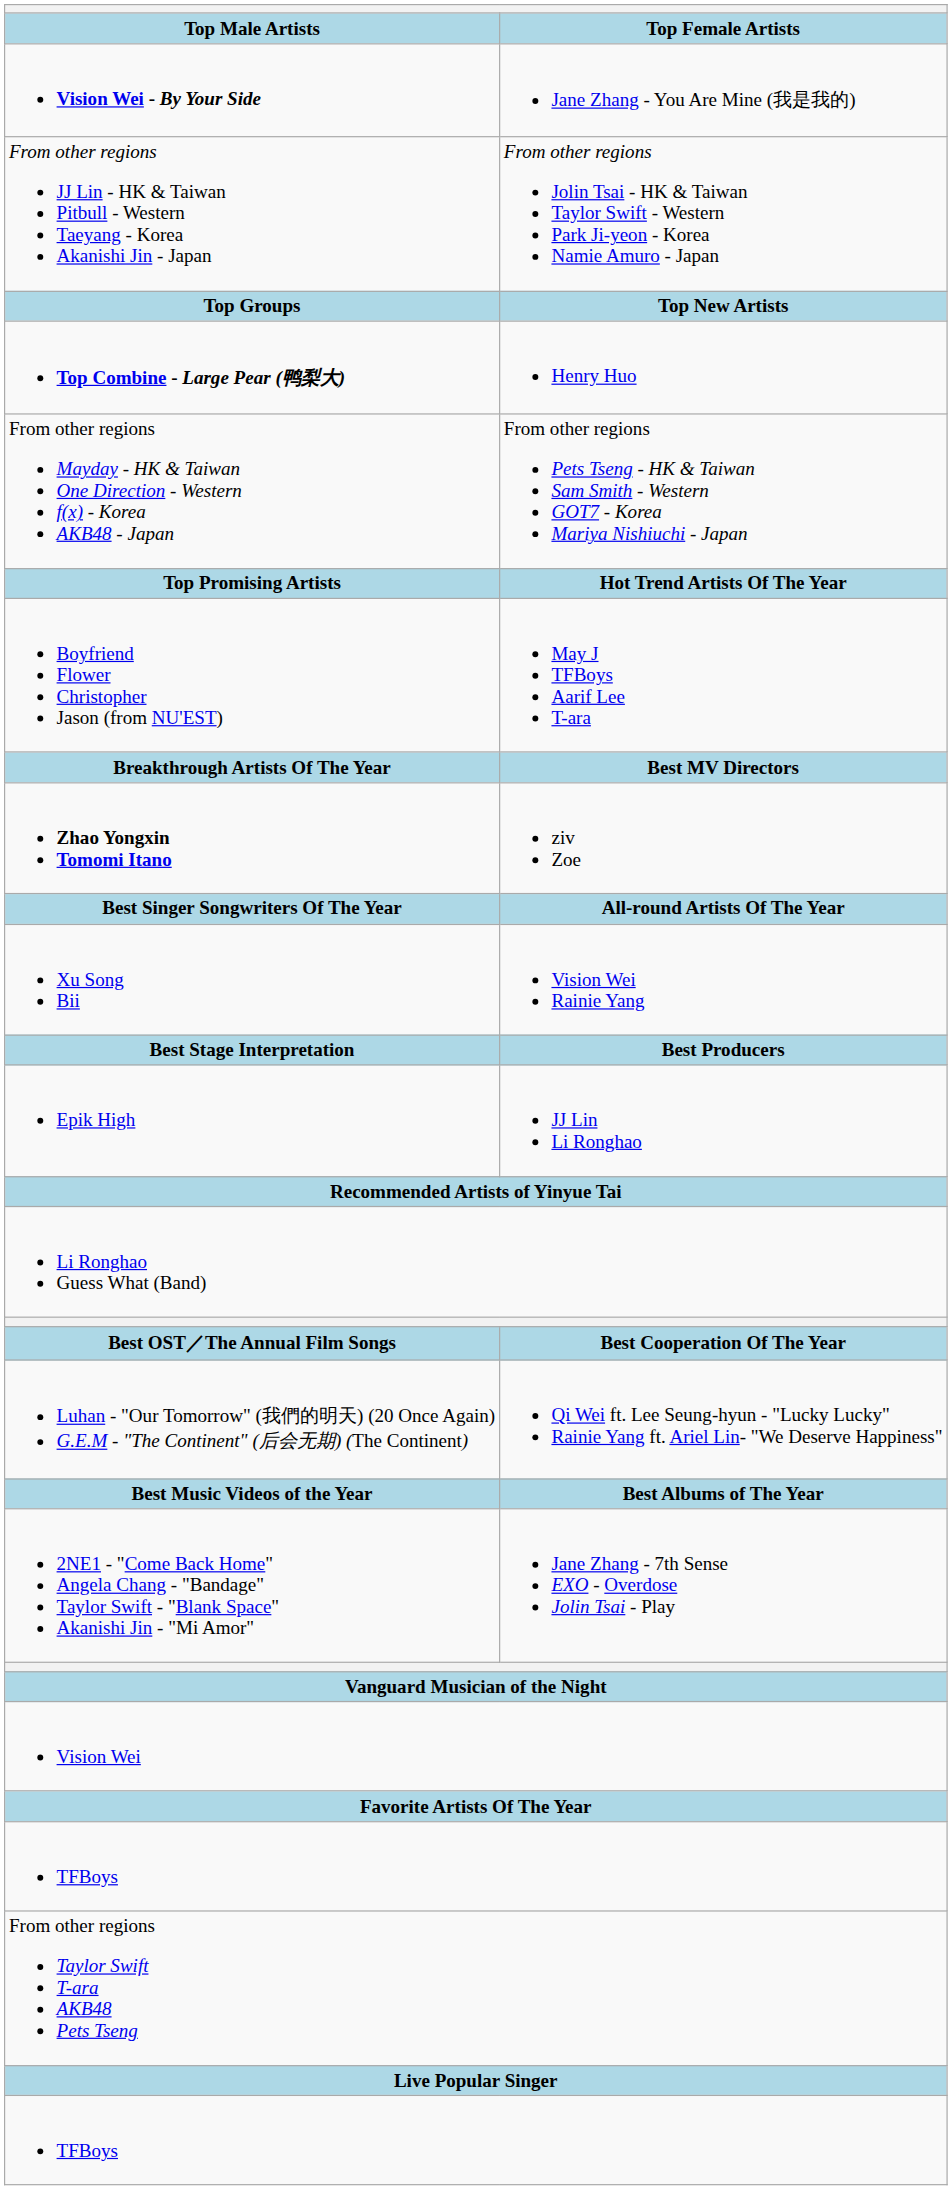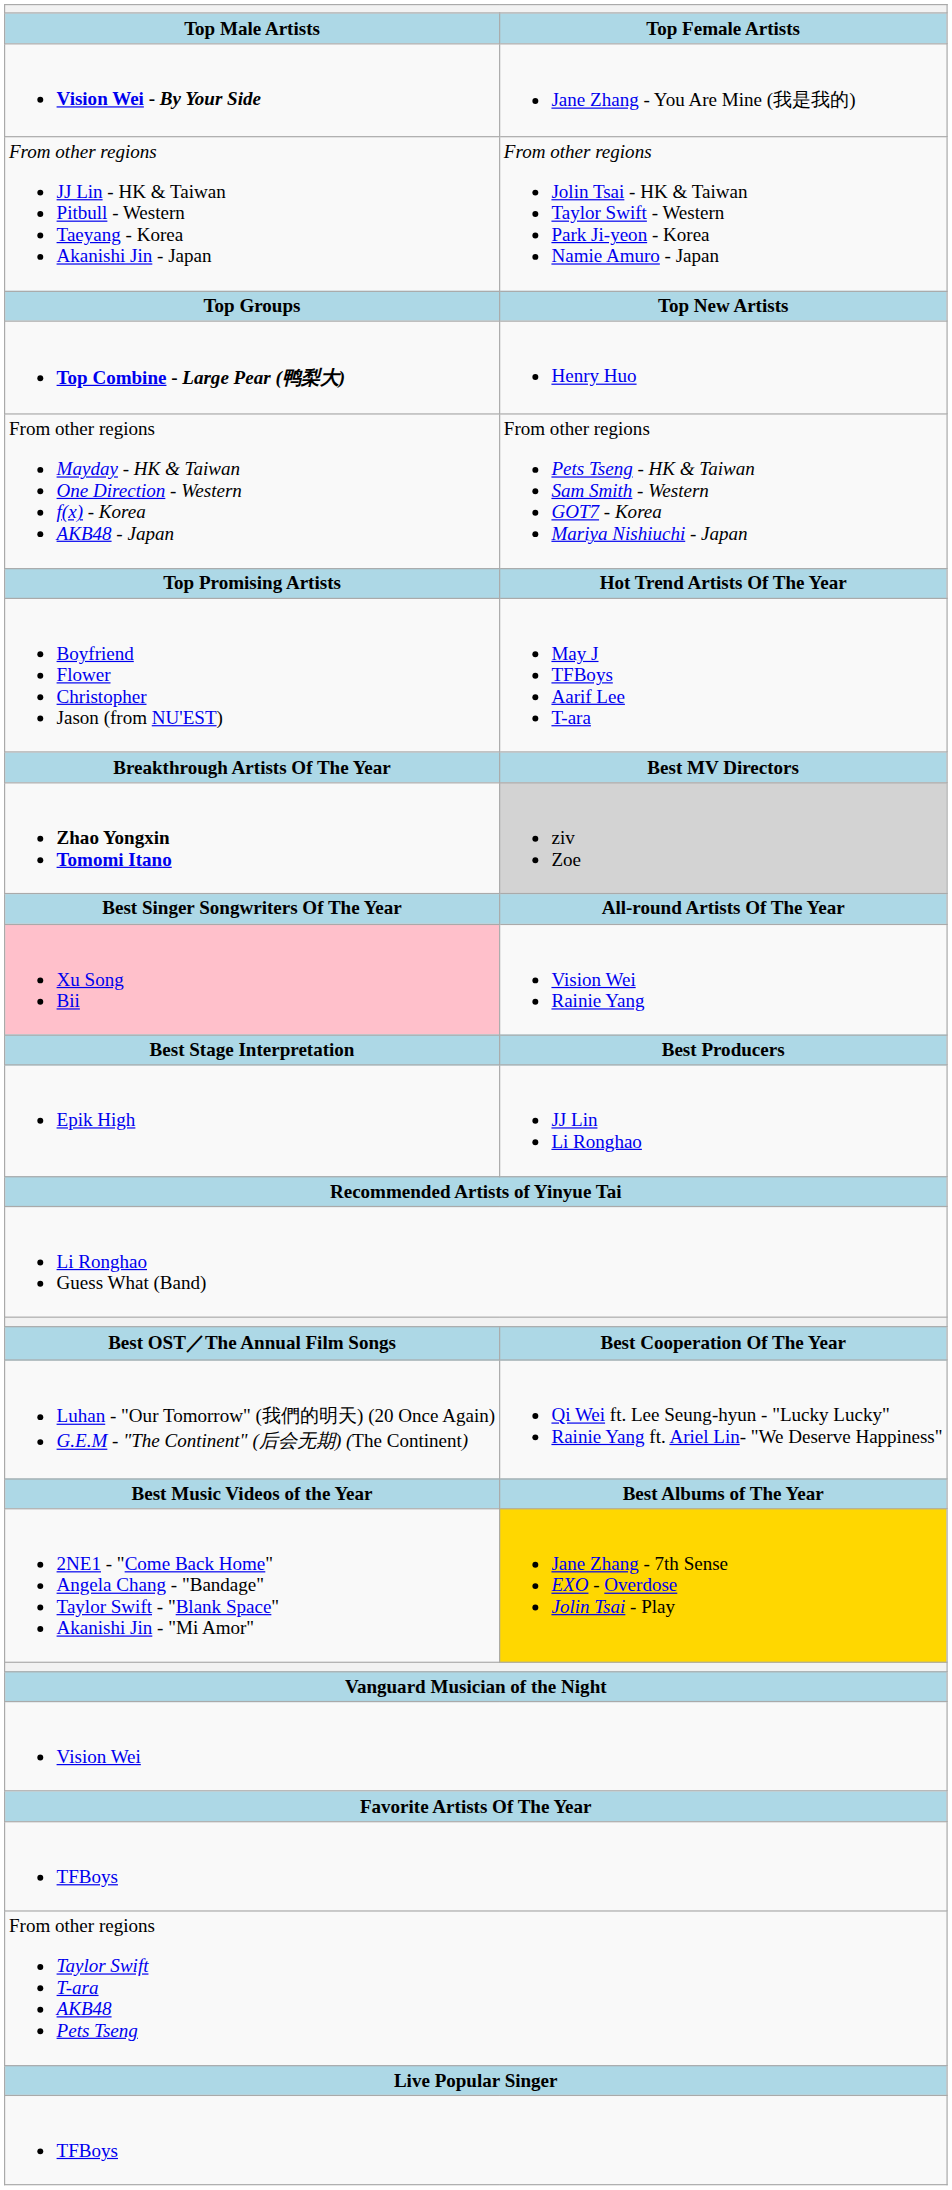 <table class="wikitable" style="width=">
 <tr>
 <th colspan="2"></th>
 </tr>
 <tr>
 <th style="background:lightblue;">Top Male Artists</th>
 <th style="background:lightblue;">Top Female Artists</th>
 </tr>
 <tr>
 <td valign="top"><br><ul><li><strong><a href='#'>Vision Wei</a> - <em>By Your Side<strong><em></li></ul></td>
 <td valign="top"><br><ul><li></strong><a href='#'>Jane Zhang</a> - </em>You Are Mine (我是我的)</em></strong></li></ul></td>
 </tr>
 <tr>
 <td><em>From other regions</em><br><ul><li><a href='#'>JJ Lin</a> - HK & Taiwan</li><li><a href='#'>Pitbull</a> - Western</li><li><a href='#'>Taeyang</a> - Korea</li><li><a href='#'>Akanishi Jin</a> - Japan</li></ul></td>
 <td><em>From other regions</em><br><ul><li><a href='#'>Jolin Tsai</a> - HK & Taiwan</li><li><a href='#'>Taylor Swift</a> - Western</li><li><a href='#'>Park Ji-yeon</a> - Korea</li><li><a href='#'>Namie Amuro</a> - Japan</li></ul></td>
 </tr>
 <tr>
 <th style="background:lightblue;">Top Groups</th>
 <th style="background:lightblue;">Top New Artists</th>
 </tr>
 <tr>
 <td valign="top"><br><ul><li><strong><a href='#'>Top Combine</a> - <em>Large Pear (鸭梨大)<strong><em></li></ul></td>
 <td valign="top"><br><ul><li></strong><a href='#'>Henry Huo</a><strong></li></ul></td>
 </tr>
 <tr>
 <td></em>From other regions<em><br><ul><li><a href='#'>Mayday</a> - HK & Taiwan</li><li><a href='#'>One Direction</a> - Western</li><li><a href='#'>f(x)</a> - Korea</li><li><a href='#'>AKB48</a> - Japan</li></ul></td>
 <td></em>From other regions<em><br><ul><li><a href='#'>Pets Tseng</a> - HK & Taiwan</li><li><a href='#'>Sam Smith</a> - Western</li><li><a href='#'>GOT7</a> - Korea</li><li><a href='#'>Mariya Nishiuchi</a> - Japan</li></ul></td>
 </tr>
 <tr>
 <th style="background:lightblue;">Top Promising Artists</th>
 <th style="background:lightblue;">Hot Trend Artists Of The Year</th>
 </tr>
 <tr>
 <td valign="top"><br><ul><li><a href='#'>Boyfriend</a></li><li><a href='#'>Flower</a></li><li><a href='#'>Christopher</a></li><li>Jason (from <a href='#'>NU'EST</a>)</li></ul></td>
 <td valign="top"><br><ul><li><a href='#'>May J</a></li><li><a href='#'>TFBoys</a></li><li><a href='#'>Aarif Lee</a></li><li><a href='#'>T-ara</a></li></ul></td>
 </tr>
 <tr>
 <th style="background:lightblue;">Breakthrough Artists Of The Year</th>
 <th style="background:lightblue;">Best MV Directors</th>
 </tr>
 <tr>
 <td valign="top"><strong><br><ul><li>Zhao Yongxin</li><li><a href='#'>Tomomi Itano</a></li></ul></strong></td>
-<td valign="top"><br><ul><li>ziv</li><li>Zoe</li></ul></td>
+<td valign="top" style="background: lightgrey;"><br><ul><li>ziv</li><li>Zoe</li></ul></td>
 </tr>
 <tr>
 <th style="background:lightblue;">Best Singer Songwriters Of The Year</th>
 <th style="background:lightblue;">All-round Artists Of The Year</th>
 </tr>
 <tr>
-<td valign="top"><br><ul><li><a href='#'>Xu Song</a></li><li><a href='#'>Bii</a></li></ul></td>
+<td valign="top" style="background: pink;"><br><ul><li><a href='#'>Xu Song</a></li><li><a href='#'>Bii</a></li></ul></td>
 <td valign="top"><br><ul><li><a href='#'>Vision Wei</a></li><li><a href='#'>Rainie Yang</a></li></ul></td>
 </tr>
 <tr>
 <th style="background:lightblue;">Best Stage Interpretation</th>
 <th style="background:lightblue;">Best Producers</th>
 </tr>
 <tr>
 <td valign="top"><br><ul><li><a href='#'>Epik High</a></li></ul></td>
 <td valign="top"><br><ul><li><a href='#'>JJ Lin</a></li><li><a href='#'>Li Ronghao</a></li></ul></td>
 </tr>
 <tr>
 <th colspan="2" style="background:lightblue;">Recommended Artists of Yinyue Tai</th>
 </tr>
 <tr>
 <td colspan="2" valign="top"><br><ul><li><a href='#'>Li Ronghao</a></li><li>Guess What (Band)</li></ul></td>
 </tr>
 <tr>
 <th colspan="2"></th>
 </tr>
 <tr>
 <th style="background:lightblue;">Best OST／The Annual Film Songs</th>
 <th style="background:lightblue;">Best Cooperation Of The Year</th>
 </tr>
 <tr>
 <td valign="top"><br><ul><li><a href='#'>Luhan</a> - "Our Tomorrow" (我們的明天) </em>(20 Once Again)<em></li><li><a href='#'>G.E.M</a> - "The Continent" (后会无期) (</em>The Continent<em>)</li></ul></td>
 <td valign="top"><br><ul><li><a href='#'>Qi Wei</a> ft. Lee Seung-hyun - "Lucky Lucky"</li><li><a href='#'>Rainie Yang</a> ft. <a href='#'>Ariel Lin</a>- "We Deserve Happiness"</li></ul></td>
 </tr>
 <tr>
 <th style="background:lightblue;">Best Music Videos of the Year</th>
 <th style="background:lightblue;">Best Albums of The Year</th>
 </tr>
 <tr>
 <td valign="top"><br><ul><li><a href='#'>2NE1</a> - "<a href='#'>Come Back Home</a>"</li><li><a href='#'>Angela Chang</a> - "Bandage"</li><li><a href='#'>Taylor Swift</a> - "<a href='#'>Blank Space</a>"</li><li><a href='#'>Akanishi Jin</a> - "Mi Amor"</li></ul></td>
-<td valign="top"><br><ul><li><a href='#'>Jane Zhang</a> - </em>7th Sense<em></li><li><a href='#'>EXO</a> - </em><a href='#'>Overdose</a><em></li><li><a href='#'>Jolin Tsai</a> - </em>Play<em></li></ul></td>
+<td valign="top" style="background: gold;"><br><ul><li><a href='#'>Jane Zhang</a> - </em>7th Sense<em></li><li><a href='#'>EXO</a> - </em><a href='#'>Overdose</a><em></li><li><a href='#'>Jolin Tsai</a> - </em>Play<em></li></ul></td>
 </tr>
 <tr>
 <th colspan="2"></th>
 </tr>
 <tr>
 <th colspan="2" style="background:lightblue;">Vanguard Musician of the Night</th>
 </tr>
 <tr>
 <td colspan="2"><br><ul><li><a href='#'>Vision Wei</a></li></ul></td>
 </tr>
 <tr>
 <th colspan="2" style="background:lightblue;">Favorite Artists Of The Year</th>
 </tr>
 <tr>
 <td colspan="2"><br><ul><li><a href='#'>TFBoys</a></li></ul></td>
 </tr>
 <tr>
 <td colspan="2"></em>From other regions<em><br><ul><li><a href='#'>Taylor Swift</a></li><li><a href='#'>T-ara</a></li><li><a href='#'>AKB48</a></li><li><a href='#'>Pets Tseng</a></li></ul></td>
 </tr>
 <tr>
 <th colspan="2" style="background:lightblue;">Live Popular Singer</th>
 </tr>
 <tr>
 <td colspan="2"><br><ul><li><a href='#'>TFBoys</a></li></ul></td>
 </tr>
 </table>
